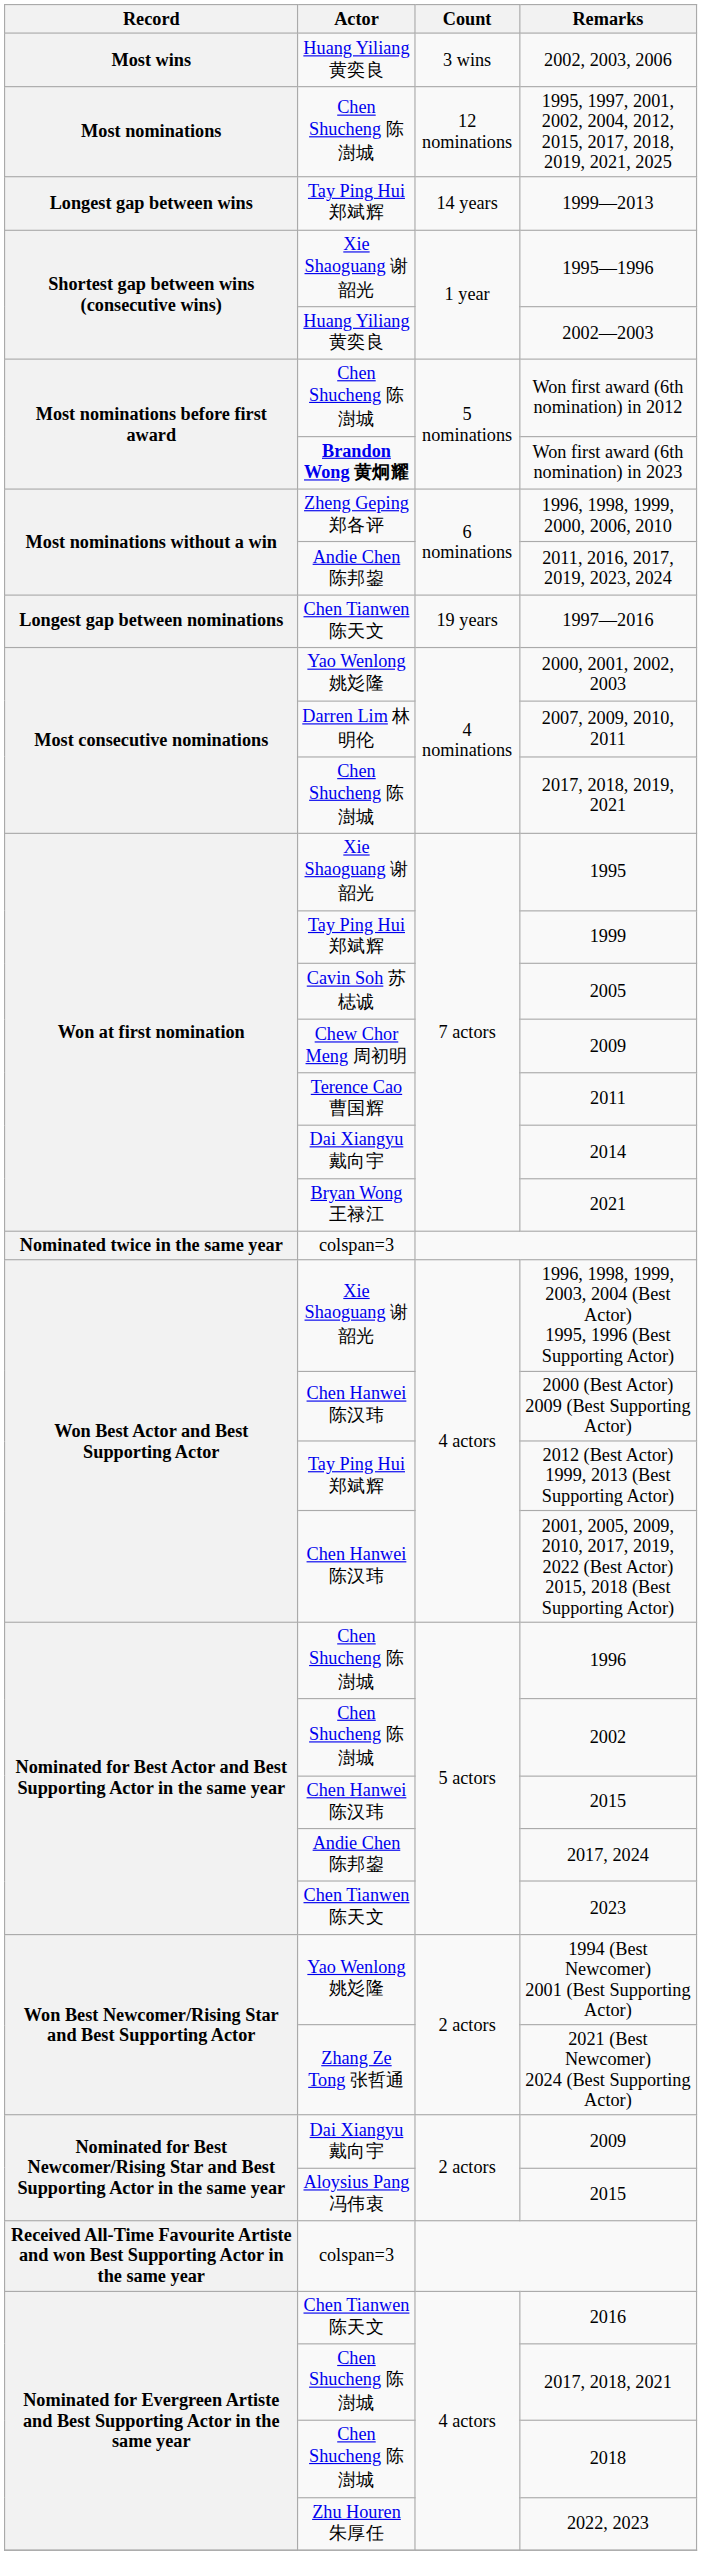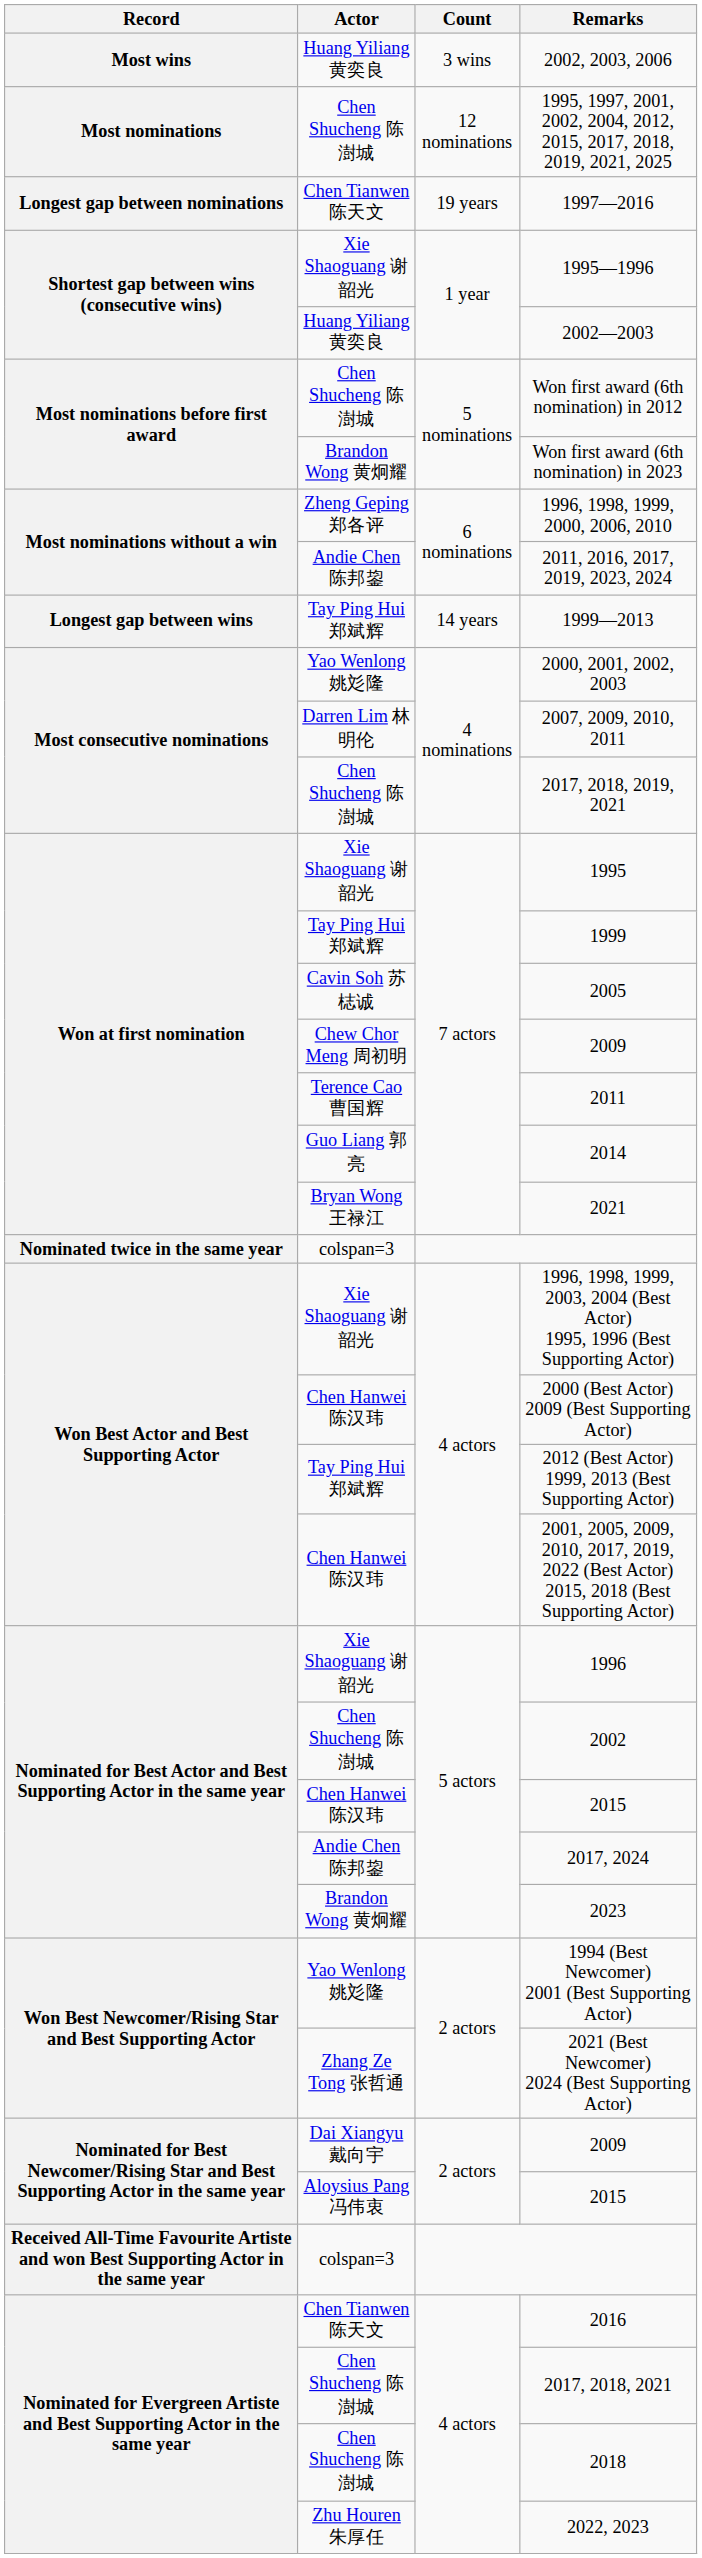 <table class="wikitable" style="text-align: center;">
 <tr>
 <th width=250 scope="col">Record</th>
 <th scope="col">Actor</th>
 <th scope="col">Count</th>
 <th scope="col">Remarks</th>
 </tr>
 <tr>
 <th>Most wins</th>
 <td><a href='#'>Huang Yiliang</a> 黄奕良</td>
 <td>3 wins</td>
 <td>2002, 2003, 2006</td>
 </tr>
 <tr>
 <th>Most nominations</th>
 <td><a href='#'>Chen Shucheng</a> 陈澍城</td>
 <td>12 nominations</td>
 <td>1995, 1997, 2001, 2002, 2004, 2012,<br> 2015, 2017, 2018, 2019, 2021, 2025</td>
 </tr>
 <tr>
-<th>Longest gap between wins</th>
-<td><a href='#'>Tay Ping Hui</a> 郑斌辉</td>
-<td>14 years</td>
-<td>1999—2013</td>
+<th>Longest gap between nominations</th>
+<td><a href='#'>Chen Tianwen</a> 陈天文</td>
+<td>19 years</td>
+<td>1997—2016</td>
 </tr>
 <tr>
 <th rowspan=2>Shortest gap between wins<br>(consecutive wins)</th>
 <td><a href='#'>Xie Shaoguang</a> 谢韶光</td>
 <td rowspan=2>1 year</td>
 <td>1995—1996</td>
 </tr>
 <tr>
 <td><a href='#'>Huang Yiliang</a> 黄奕良</td>
 <td>2002—2003</td>
 </tr>
 <tr>
 <th rowspan=2>Most nominations before first award</th>
 <td><a href='#'>Chen Shucheng</a> 陈澍城</td>
 <td rowspan=2>5 nominations</td>
 <td>Won first award (6th nomination) in 2012</td>
 </tr>
 <tr>
-<td><strong><a href='#'>Brandon Wong</a> 黄炯耀</strong></td>
+<td><a href='#'>Brandon Wong</a> 黄炯耀</td>
 <td>Won first award (6th nomination) in 2023</td>
 </tr>
 <tr>
 <th rowspan=2>Most nominations without a win</th>
 <td><a href='#'>Zheng Geping</a> 郑各评</td>
 <td rowspan=2>6 nominations</td>
 <td>1996, 1998, 1999, 2000, 2006, 2010</td>
 </tr>
 <tr>
 <td><a href='#'>Andie Chen</a> 陈邦鋆</td>
 <td>2011, 2016, 2017, 2019, 2023, 2024</td>
 </tr>
 <tr>
-<th>Longest gap between nominations</th>
-<td><a href='#'>Chen Tianwen</a> 陈天文</td>
-<td>19 years</td>
-<td>1997—2016</td>
+<th>Longest gap between wins</th>
+<td><a href='#'>Tay Ping Hui</a> 郑斌辉</td>
+<td>14 years</td>
+<td>1999—2013</td>
 </tr>
 <tr>
 <th rowspan=3>Most consecutive nominations</th>
 <td><a href='#'>Yao Wenlong</a> 姚彣隆</td>
 <td rowspan=3>4 nominations</td>
 <td>2000, 2001, 2002, 2003</td>
 </tr>
 <tr>
 <td><a href='#'>Darren Lim</a> 林明伦</td>
 <td>2007, 2009, 2010, 2011</td>
 </tr>
 <tr>
 <td><a href='#'>Chen Shucheng</a> 陈澍城</td>
 <td>2017, 2018, 2019, 2021</td>
 </tr>
 <tr>
 <th rowspan=7>Won at first nomination</th>
 <td><a href='#'>Xie Shaoguang</a> 谢韶光</td>
 <td rowspan=7>7 actors</td>
 <td>1995</td>
 </tr>
 <tr>
 <td><a href='#'>Tay Ping Hui</a> 郑斌辉</td>
 <td>1999</td>
 </tr>
 <tr>
 <td><a href='#'>Cavin Soh</a> 苏梽诚</td>
 <td>2005</td>
 </tr>
 <tr>
 <td><a href='#'>Chew Chor Meng</a> 周初明</td>
 <td>2009</td>
 </tr>
 <tr>
 <td><a href='#'>Terence Cao</a> 曹国辉</td>
 <td>2011</td>
 </tr>
 <tr>
-<td><a href='#'>Dai Xiangyu</a> 戴向宇</td>
+<td><a href='#'>Guo Liang</a> 郭亮</td>
 <td>2014</td>
 </tr>
 <tr>
 <td><a href='#'>Bryan Wong</a> 王禄江</td>
 <td>2021</td>
 </tr>
 <tr>
 <th>Nominated twice in the same year</th>
 <td>colspan=3 </td>
 </tr>
 <tr>
 <th rowspan=4>Won Best Actor and Best Supporting Actor</th>
 <td><a href='#'>Xie Shaoguang</a> 谢韶光</td>
 <td rowspan=4>4 actors</td>
 <td>1996, 1998, 1999, 2003, 2004 (Best Actor)<br>1995, 1996 (Best Supporting Actor)</td>
 </tr>
 <tr>
 <td><a href='#'>Chen Hanwei</a> 陈汉玮</td>
 <td>2000 (Best Actor)<br>2009 (Best Supporting Actor)</td>
 </tr>
 <tr>
 <td><a href='#'>Tay Ping Hui</a> 郑斌辉</td>
 <td>2012 (Best Actor)<br>1999, 2013 (Best Supporting Actor)</td>
 </tr>
 <tr>
 <td><a href='#'>Chen Hanwei</a> 陈汉玮</td>
 <td>2001, 2005, 2009, 2010, 2017, 2019, 2022 (Best Actor)<br>2015, 2018 (Best Supporting Actor)</td>
 </tr>
 <tr>
 <th rowspan=5>Nominated for Best Actor and Best Supporting Actor in the same year</th>
-<td><a href='#'>Chen Shucheng</a> 陈澍城</td>
+<td><a href='#'>Xie Shaoguang</a> 谢韶光</td>
 <td rowspan=5>5 actors</td>
 <td>1996</td>
 </tr>
 <tr>
 <td><a href='#'>Chen Shucheng</a> 陈澍城</td>
 <td>2002</td>
 </tr>
 <tr>
 <td><a href='#'>Chen Hanwei</a> 陈汉玮</td>
 <td>2015</td>
 </tr>
 <tr>
 <td><a href='#'>Andie Chen</a> 陈邦鋆</td>
 <td>2017, 2024</td>
 </tr>
 <tr>
-<td><a href='#'>Chen Tianwen</a> 陈天文</td>
+<td><a href='#'>Brandon Wong</a> 黄炯耀</td>
 <td>2023</td>
 </tr>
 <tr>
 <th rowspan= 2>Won Best Newcomer/Rising Star and Best Supporting Actor</th>
 <td><a href='#'>Yao Wenlong</a> 姚彣隆</td>
 <td rowspan= 2>2 actors</td>
 <td>1994 (Best Newcomer)<br>2001 (Best Supporting Actor)</td>
 </tr>
 <tr>
 <td><a href='#'>Zhang Ze Tong</a> 张哲通</td>
 <td>2021 (Best Newcomer)<br>2024 (Best Supporting Actor)</td>
 </tr>
 <tr>
 <th rowspan=2>Nominated for Best Newcomer/Rising Star and Best Supporting Actor in the same year</th>
 <td><a href='#'>Dai Xiangyu</a> 戴向宇</td>
 <td rowspan=2>2 actors</td>
 <td>2009</td>
 </tr>
 <tr>
 <td><a href='#'>Aloysius Pang</a> 冯伟衷</td>
 <td>2015</td>
 </tr>
 <tr>
 <th>Received All-Time Favourite Artiste and won Best Supporting Actor in the same year</th>
 <td>colspan=3 </td>
 </tr>
 <tr>
 <th rowspan=4>Nominated for Evergreen Artiste and Best Supporting Actor in the same year</th>
 <td><a href='#'>Chen Tianwen</a> 陈天文</td>
 <td rowspan=4>4 actors</td>
 <td>2016</td>
 </tr>
 <tr>
 <td><a href='#'>Chen Shucheng</a> 陈澍城</td>
 <td>2017, 2018, 2021</td>
 </tr>
 <tr>
 <td><a href='#'>Chen Shucheng</a> 陈澍城</td>
 <td>2018</td>
 </tr>
 <tr>
 <td><a href='#'>Zhu Houren</a> 朱厚任</td>
 <td>2022, 2023</td>
 </tr>
 <tr>
 </tr>
 </table>
